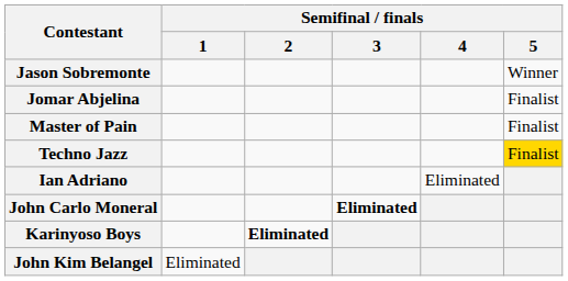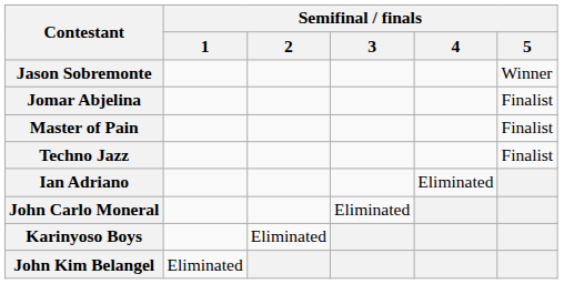 <table class="wikitable">
 <tr>
 <th rowspan=2>Contestant</th>
 <th colspan=12>Semifinal / finals</th>
 </tr>
 <tr>
 <th>1</th>
 <th>2</th>
 <th>3</th>
 <th>4</th>
 <th>5</th>
 </tr>
 <tr>
 <th>Jason Sobremonte</th>
 <td></td>
 <td></td>
 <td></td>
 <td></td>
 <td>Winner</td>
 </tr>
 <tr>
 <th>Jomar Abjelina</th>
 <td></td>
 <td></td>
 <td></td>
 <td></td>
 <td>Finalist</td>
 </tr>
 <tr>
 <th>Master of Pain</th>
 <td></td>
 <td></td>
 <td></td>
 <td></td>
 <td>Finalist</td>
 </tr>
 <tr>
 <th>Techno Jazz</th>
 <td></td>
 <td></td>
 <td></td>
 <td></td>
-<td style="background: gold;">Finalist</td>
+<td>Finalist</td>
 </tr>
 <tr>
 <th>Ian Adriano</th>
 <td></td>
 <td></td>
 <td></td>
 <td>Eliminated</td>
 <th></th>
 </tr>
 <tr>
 <th>John Carlo Moneral</th>
 <td></td>
 <td></td>
-<td><strong>Eliminated</strong></td>
+<td>Eliminated</td>
 <th></th>
 <th></th>
 </tr>
 <tr>
 <th>Karinyoso Boys</th>
 <td></td>
-<td><strong>Eliminated</strong></td>
+<td>Eliminated</td>
 <th></th>
 <th></th>
 <th></th>
 </tr>
 <tr>
 <th>John Kim Belangel</th>
 <td>Eliminated</td>
 <th></th>
 <th></th>
 <th></th>
 <th></th>
 </tr>
 </table>
